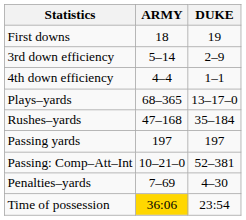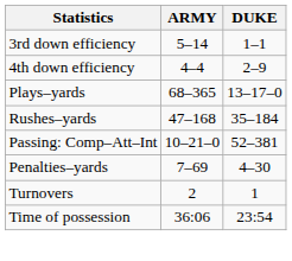 <table class="wikitable">
 <tr>
 <th>Statistics</th>
 <th>ARMY</th>
 <th>DUKE</th>
 </tr>
 <tr>
-<td>First downs</td>
-<td align=center>18</td>
-<td align=center>19</td>
-</tr>
-<tr>
 <td>3rd down efficiency</td>
 <td align=center>5–14</td>
-<td align=center>2–9</td>
+<td align=center>1–1</td>
 </tr>
 <tr>
 <td>4th down efficiency</td>
 <td align=center>4–4</td>
-<td align=center>1–1</td>
+<td align=center>2–9</td>
 </tr>
 <tr>
 <td>Plays–yards</td>
 <td align=center>68–365</td>
 <td align=center>13–17–0</td>
 </tr>
 <tr>
 <td>Rushes–yards</td>
 <td align=center>47–168</td>
 <td align=center>35–184</td>
 </tr>
 <tr>
-<td>Passing yards</td>
-<td align=center>197</td>
-<td align=center>197</td>
-</tr>
-<tr>
 <td>Passing: Comp–Att–Int</td>
 <td align=center>10–21–0</td>
 <td align=center>52–381</td>
 </tr>
 <tr>
 <td>Penalties–yards</td>
 <td align=center>7–69</td>
 <td align=center>4–30</td>
 </tr>
 <tr>
+<td>Turnovers</td>
+<td align=center>2</td>
+<td align=center>1</td>
+</tr>
+<tr>
 <td>Time of possession</td>
-<td align=center style="background: gold;">36:06</td>
+<td align=center>36:06</td>
 <td align=center>23:54</td>
 </tr>
 </table>
